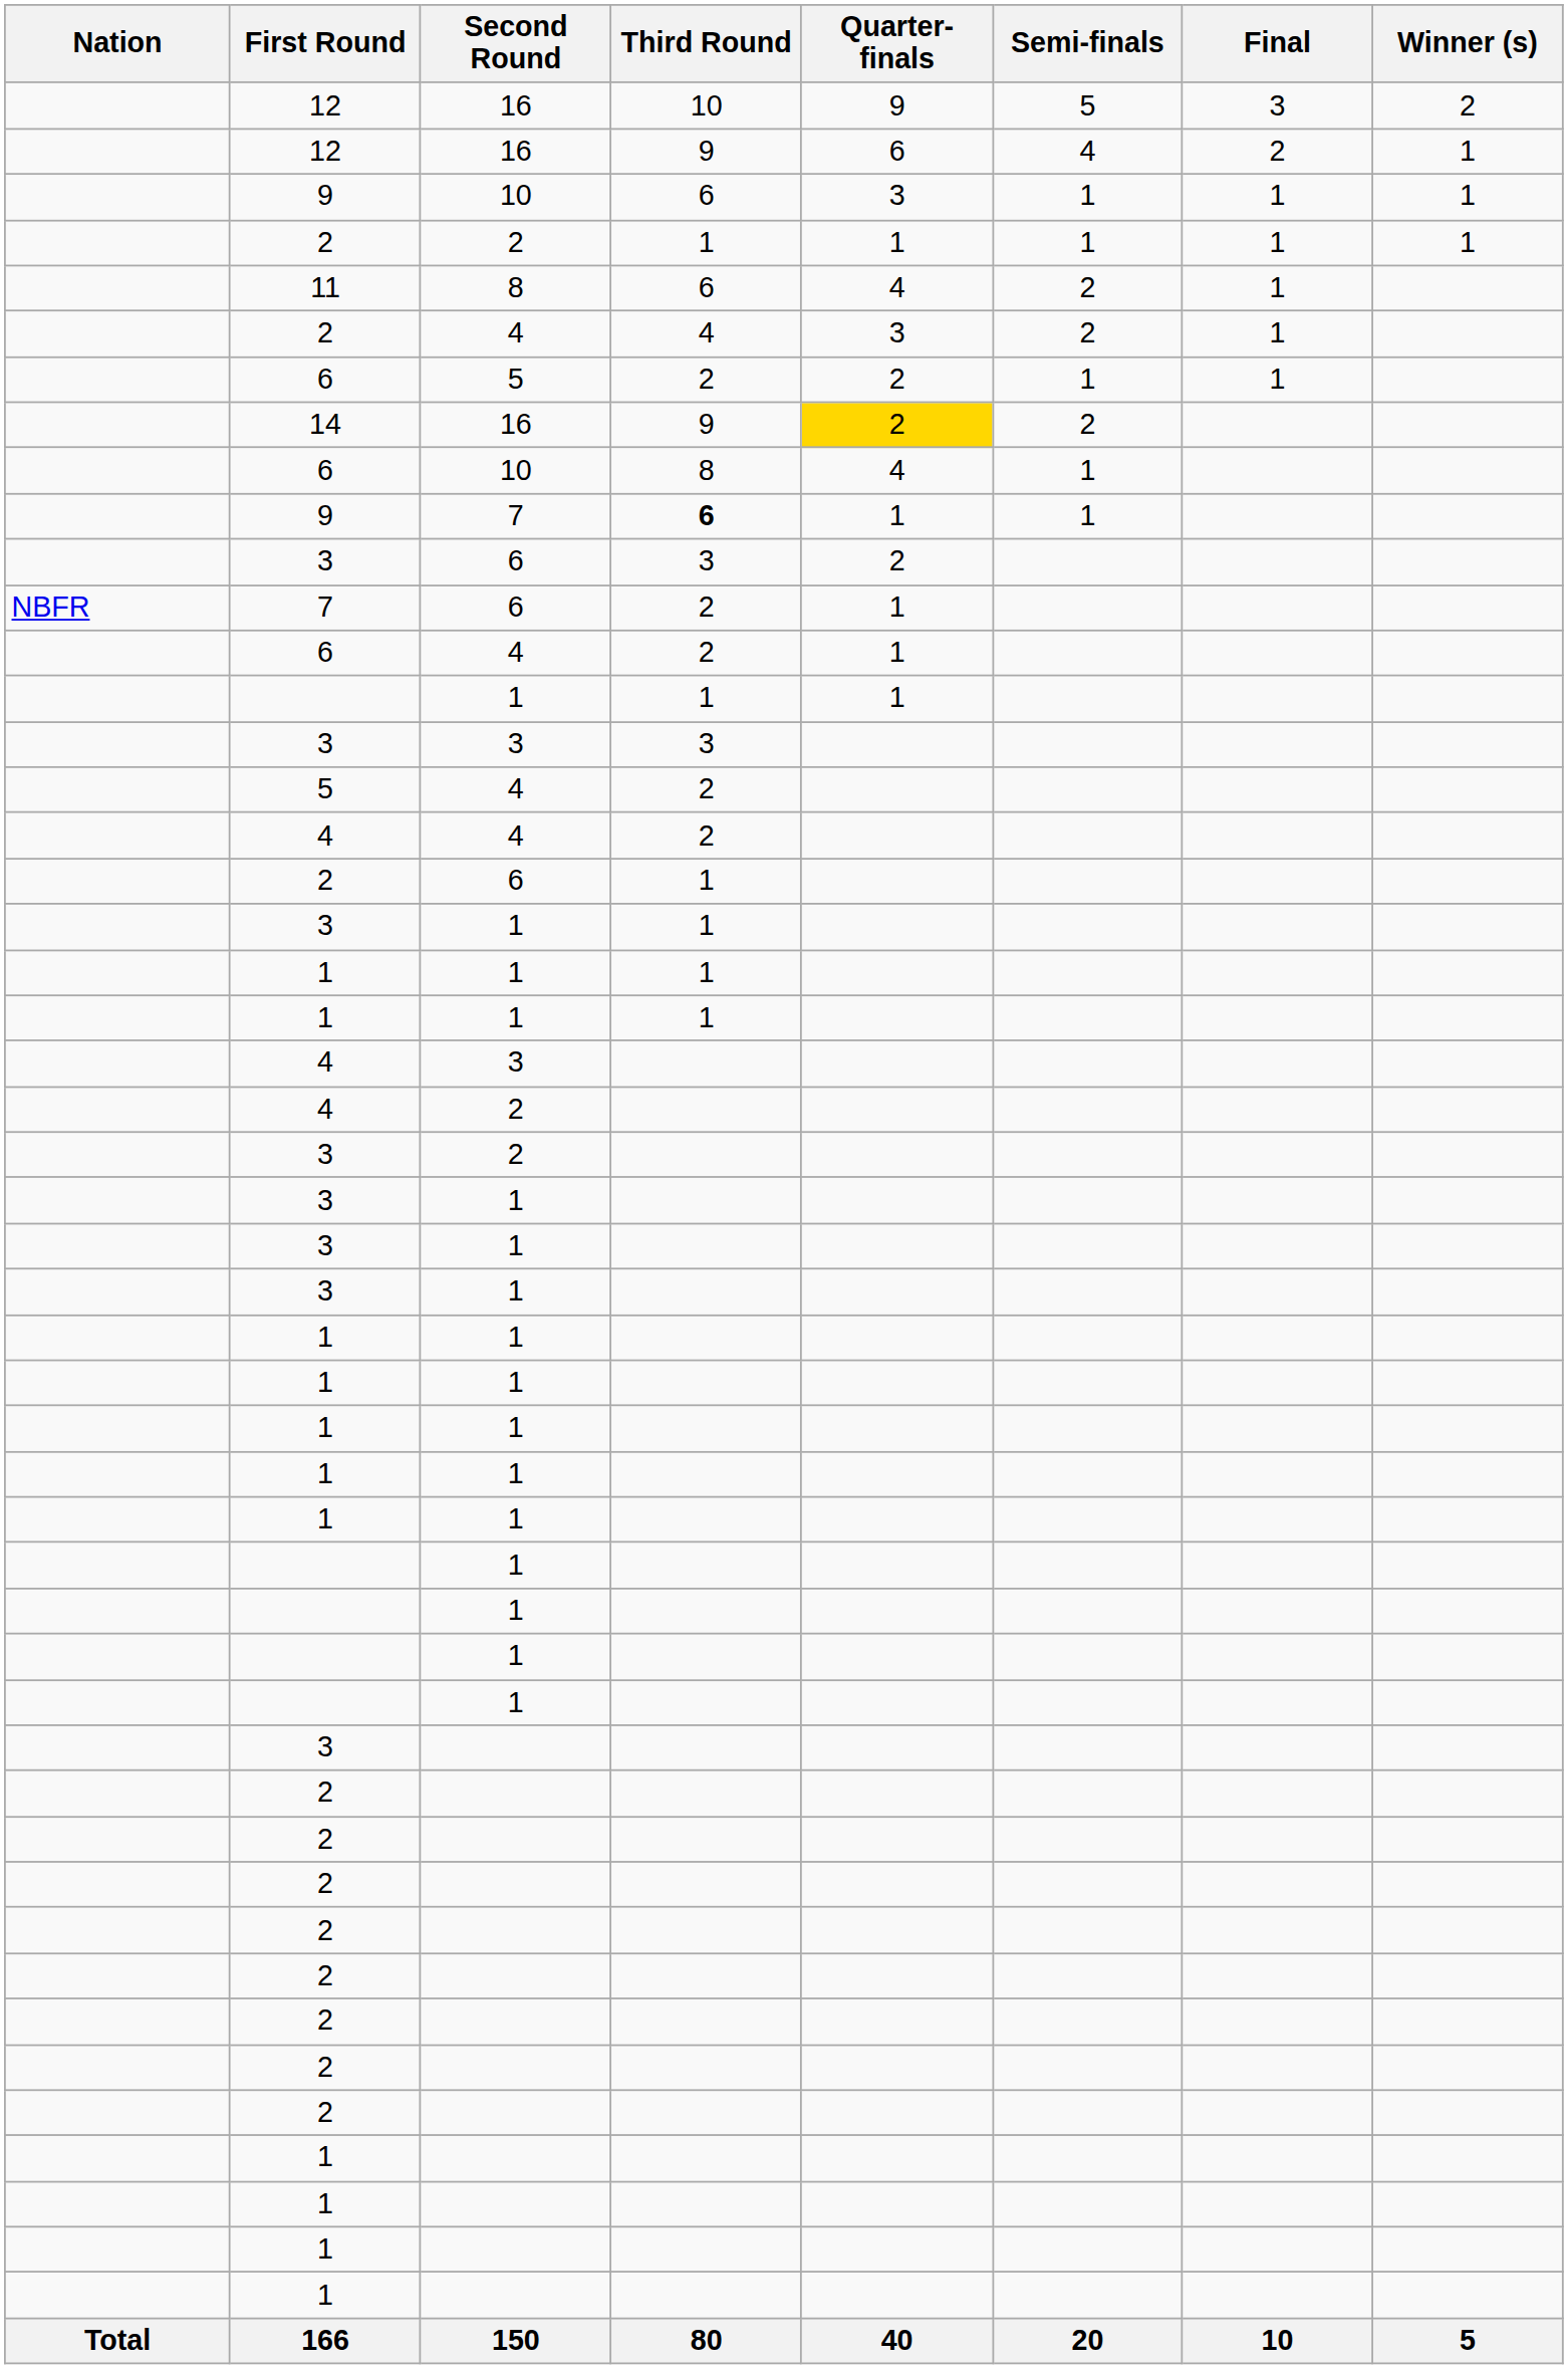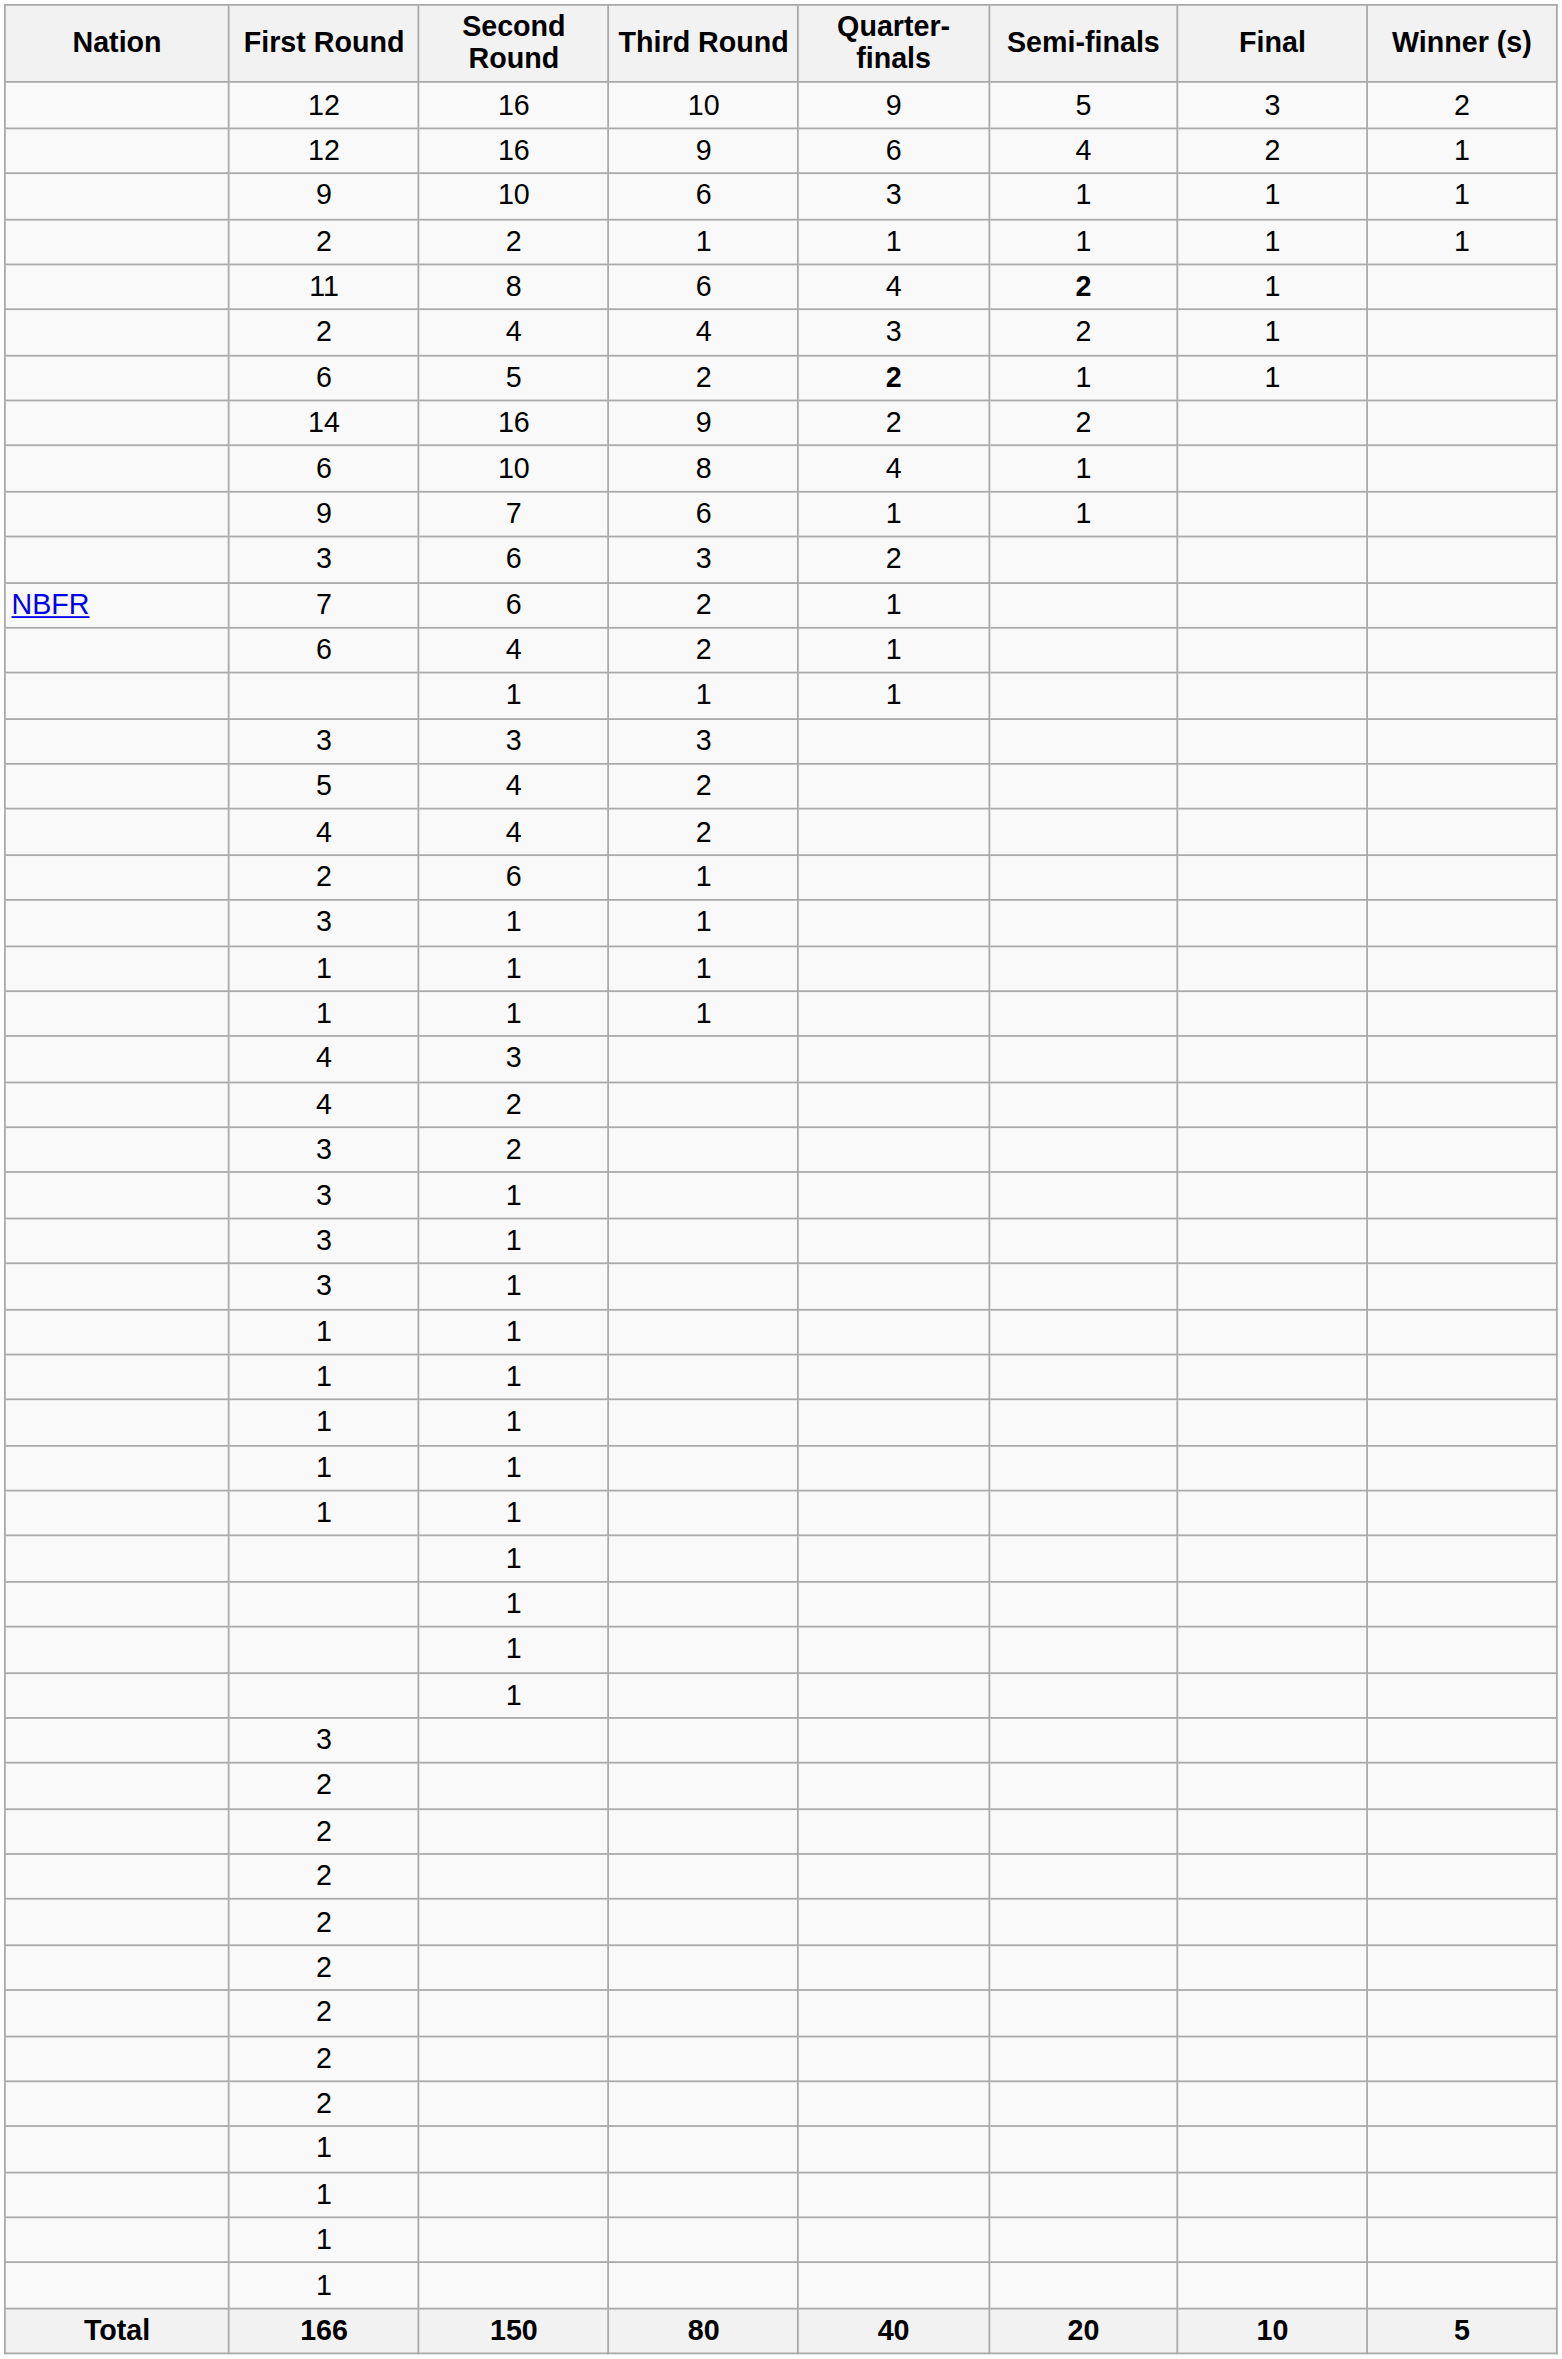 <table class="sortable wikitable" style="text-align:center">
 <tr>
 <th width="120">Nation</th>
 <th width="100">First Round</th>
 <th width="100">Second Round</th>
 <th width="100">Third Round</th>
 <th width="100">Quarter-finals</th>
 <th width="100">Semi-finals</th>
 <th width="100">Final</th>
 <th width="100">Winner (s)</th>
 </tr>
 <tr>
 <td align="left"></td>
 <td>12</td>
 <td>16</td>
 <td>10</td>
 <td>9</td>
 <td>5</td>
 <td>3</td>
 <td>2</td>
 </tr>
 <tr>
 <td align="left"></td>
 <td>12</td>
 <td>16</td>
 <td>9</td>
 <td>6</td>
 <td>4</td>
 <td>2</td>
 <td>1</td>
 </tr>
 <tr>
 <td align="left"></td>
 <td>9</td>
 <td>10</td>
 <td>6</td>
 <td>3</td>
 <td>1</td>
 <td>1</td>
 <td>1</td>
 </tr>
 <tr>
 <td align="left"></td>
 <td>2</td>
 <td>2</td>
 <td>1</td>
 <td>1</td>
 <td>1</td>
 <td>1</td>
 <td>1</td>
 </tr>
 <tr>
 <td align="left"></td>
 <td>11</td>
 <td>8</td>
 <td>6</td>
 <td>4</td>
-<td>2</td>
+<td><strong>2</strong></td>
 <td>1</td>
 <td></td>
 </tr>
 <tr>
 <td align="left"></td>
 <td>2</td>
 <td>4</td>
 <td>4</td>
 <td>3</td>
 <td>2</td>
 <td>1</td>
 <td></td>
 </tr>
 <tr>
 <td align="left"></td>
 <td>6</td>
 <td>5</td>
 <td>2</td>
-<td>2</td>
+<td><strong>2</strong></td>
 <td>1</td>
 <td>1</td>
 <td></td>
 </tr>
 <tr>
 <td align="left"></td>
 <td>14</td>
 <td>16</td>
 <td>9</td>
-<td style="background: gold;">2</td>
+<td>2</td>
 <td>2</td>
 <td></td>
 <td></td>
 </tr>
 <tr>
 <td align="left"></td>
 <td>6</td>
 <td>10</td>
 <td>8</td>
 <td>4</td>
 <td>1</td>
 <td></td>
 <td></td>
 </tr>
 <tr>
 <td align="left"></td>
 <td>9</td>
 <td>7</td>
-<td><strong>6</strong></td>
+<td>6</td>
 <td>1</td>
 <td>1</td>
 <td></td>
 <td></td>
 </tr>
 <tr>
 <td align="left"></td>
 <td>3</td>
 <td>6</td>
 <td>3</td>
 <td>2</td>
 <td></td>
 <td></td>
 <td></td>
 </tr>
 <tr>
 <td align="left"> <a href='#'>NBFR</a></td>
 <td>7</td>
 <td>6</td>
 <td>2</td>
 <td>1</td>
 <td></td>
 <td></td>
 <td></td>
 </tr>
 <tr>
 <td align="left"></td>
 <td>6</td>
 <td>4</td>
 <td>2</td>
 <td>1</td>
 <td></td>
 <td></td>
 <td></td>
 </tr>
 <tr>
 <td align="left"></td>
 <td></td>
 <td>1</td>
 <td>1</td>
 <td>1</td>
 <td></td>
 <td></td>
 <td></td>
 </tr>
 <tr>
 <td align="left"></td>
 <td>3</td>
 <td>3</td>
 <td>3</td>
 <td></td>
 <td></td>
 <td></td>
 <td></td>
 </tr>
 <tr>
 <td align="left"></td>
 <td>5</td>
 <td>4</td>
 <td>2</td>
 <td></td>
 <td></td>
 <td></td>
 <td></td>
 </tr>
 <tr>
 <td align="left"></td>
 <td>4</td>
 <td>4</td>
 <td>2</td>
 <td></td>
 <td></td>
 <td></td>
 <td></td>
 </tr>
 <tr>
 <td align="left"></td>
 <td>2</td>
 <td>6</td>
 <td>1</td>
 <td></td>
 <td></td>
 <td></td>
 <td></td>
 </tr>
 <tr>
 <td align="left"></td>
 <td>3</td>
 <td>1</td>
 <td>1</td>
 <td></td>
 <td></td>
 <td></td>
 <td></td>
 </tr>
 <tr>
 <td align="left"></td>
 <td>1</td>
 <td>1</td>
 <td>1</td>
 <td></td>
 <td></td>
 <td></td>
 <td></td>
 </tr>
 <tr>
 <td align="left"></td>
 <td>1</td>
 <td>1</td>
 <td>1</td>
 <td></td>
 <td></td>
 <td></td>
 <td></td>
 </tr>
 <tr>
 <td align="left"></td>
 <td>4</td>
 <td>3</td>
 <td></td>
 <td></td>
 <td></td>
 <td></td>
 <td></td>
 </tr>
 <tr>
 <td align="left"></td>
 <td>4</td>
 <td>2</td>
 <td></td>
 <td></td>
 <td></td>
 <td></td>
 <td></td>
 </tr>
 <tr>
 <td align="left"></td>
 <td>3</td>
 <td>2</td>
 <td></td>
 <td></td>
 <td></td>
 <td></td>
 <td></td>
 </tr>
 <tr>
 <td align="left"></td>
 <td>3</td>
 <td>1</td>
 <td></td>
 <td></td>
 <td></td>
 <td></td>
 <td></td>
 </tr>
 <tr>
 <td align="left"></td>
 <td>3</td>
 <td>1</td>
 <td></td>
 <td></td>
 <td></td>
 <td></td>
 <td></td>
 </tr>
 <tr>
 <td align="left"></td>
 <td>3</td>
 <td>1</td>
 <td></td>
 <td></td>
 <td></td>
 <td></td>
 <td></td>
 </tr>
 <tr>
 <td align="left"></td>
 <td>1</td>
 <td>1</td>
 <td></td>
 <td></td>
 <td></td>
 <td></td>
 <td></td>
 </tr>
 <tr>
 <td align="left"></td>
 <td>1</td>
 <td>1</td>
 <td></td>
 <td></td>
 <td></td>
 <td></td>
 <td></td>
 </tr>
 <tr>
 <td align="left"></td>
 <td>1</td>
 <td>1</td>
 <td></td>
 <td></td>
 <td></td>
 <td></td>
 <td></td>
 </tr>
 <tr>
 <td align="left"></td>
 <td>1</td>
 <td>1</td>
 <td></td>
 <td></td>
 <td></td>
 <td></td>
 <td></td>
 </tr>
 <tr>
 <td align="left"></td>
 <td>1</td>
 <td>1</td>
 <td></td>
 <td></td>
 <td></td>
 <td></td>
 <td></td>
 </tr>
 <tr>
 <td align="left"></td>
 <td></td>
 <td>1</td>
 <td></td>
 <td></td>
 <td></td>
 <td></td>
 <td></td>
 </tr>
 <tr>
 <td align="left"></td>
 <td></td>
 <td>1</td>
 <td></td>
 <td></td>
 <td></td>
 <td></td>
 <td></td>
 </tr>
 <tr>
 <td align="left"></td>
 <td></td>
 <td>1</td>
 <td></td>
 <td></td>
 <td></td>
 <td></td>
 <td></td>
 </tr>
 <tr>
 <td align="left"></td>
 <td></td>
 <td>1</td>
 <td></td>
 <td></td>
 <td></td>
 <td></td>
 <td></td>
 </tr>
 <tr>
 <td align="left"></td>
 <td>3</td>
 <td></td>
 <td></td>
 <td></td>
 <td></td>
 <td></td>
 <td></td>
 </tr>
 <tr>
 <td align="left"></td>
 <td>2</td>
 <td></td>
 <td></td>
 <td></td>
 <td></td>
 <td></td>
 <td></td>
 </tr>
 <tr>
 <td align="left"></td>
 <td>2</td>
 <td></td>
 <td></td>
 <td></td>
 <td></td>
 <td></td>
 <td></td>
 </tr>
 <tr>
 <td align="left"></td>
 <td>2</td>
 <td></td>
 <td></td>
 <td></td>
 <td></td>
 <td></td>
 <td></td>
 </tr>
 <tr>
 <td align="left"></td>
 <td>2</td>
 <td></td>
 <td></td>
 <td></td>
 <td></td>
 <td></td>
 <td></td>
 </tr>
 <tr>
 <td align="left"></td>
 <td>2</td>
 <td></td>
 <td></td>
 <td></td>
 <td></td>
 <td></td>
 <td></td>
 </tr>
 <tr>
 <td align="left"></td>
 <td>2</td>
 <td></td>
 <td></td>
 <td></td>
 <td></td>
 <td></td>
 <td></td>
 </tr>
 <tr>
 <td align="left"></td>
 <td>2</td>
 <td></td>
 <td></td>
 <td></td>
 <td></td>
 <td></td>
 <td></td>
 </tr>
 <tr>
 <td align="left"></td>
 <td>2</td>
 <td></td>
 <td></td>
 <td></td>
 <td></td>
 <td></td>
 <td></td>
 </tr>
 <tr>
 <td align="left"></td>
 <td>1</td>
 <td></td>
 <td></td>
 <td></td>
 <td></td>
 <td></td>
 <td></td>
 </tr>
 <tr>
 <td align="left"></td>
 <td>1</td>
 <td></td>
 <td></td>
 <td></td>
 <td></td>
 <td></td>
 <td></td>
 </tr>
 <tr>
 <td align="left"></td>
 <td>1</td>
 <td></td>
 <td></td>
 <td></td>
 <td></td>
 <td></td>
 <td></td>
 </tr>
 <tr>
 <td align="left"></td>
 <td>1</td>
 <td></td>
 <td></td>
 <td></td>
 <td></td>
 <td></td>
 <td></td>
 </tr>
 <tr>
 <th>Total</th>
 <th>166</th>
 <th>150</th>
 <th>80</th>
 <th>40</th>
 <th>20</th>
 <th>10</th>
 <th>5</th>
 </tr>
 </table>
